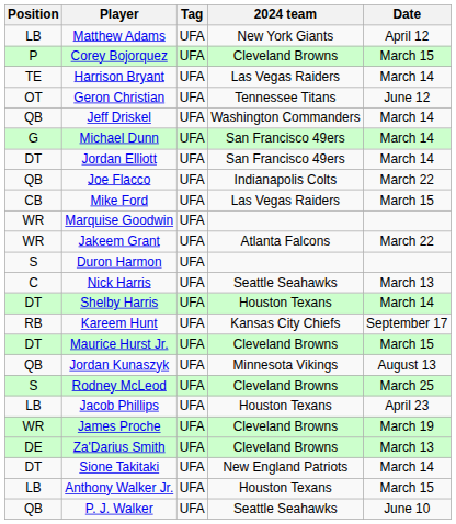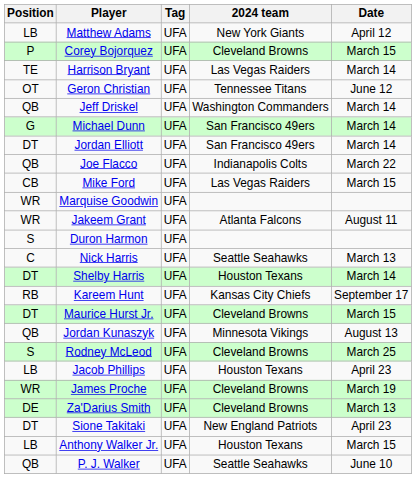 <table class="wikitable" style="text-align:center">
 <tr align=center>
 <th>Position</th>
 <th>Player</th>
 <th>Tag</th>
 <th>2024 team</th>
 <th>Date</th>
 </tr>
 <tr>
 <td>LB</td>
 <td><a href='#'>Matthew Adams</a></td>
 <td>UFA</td>
 <td>New York Giants</td>
 <td>April 12</td>
 </tr>
 <tr style="background:#cfc;">
 <td>P</td>
 <td><a href='#'>Corey Bojorquez</a></td>
 <td>UFA</td>
 <td>Cleveland Browns</td>
 <td>March 15</td>
 </tr>
 <tr>
 <td>TE</td>
 <td><a href='#'>Harrison Bryant</a></td>
 <td>UFA</td>
 <td>Las Vegas Raiders</td>
 <td>March 14</td>
 </tr>
 <tr>
 <td>OT</td>
 <td><a href='#'>Geron Christian</a></td>
 <td>UFA</td>
 <td>Tennessee Titans</td>
 <td>June 12</td>
 </tr>
 <tr>
 <td>QB</td>
 <td><a href='#'>Jeff Driskel</a></td>
 <td>UFA</td>
 <td>Washington Commanders</td>
 <td>March 14</td>
 </tr>
 <tr style="background:#cfc;">
 <td>G</td>
 <td><a href='#'>Michael Dunn</a></td>
 <td>UFA</td>
 <td>San Francisco 49ers</td>
 <td>March 14</td>
 </tr>
 <tr>
 <td>DT</td>
 <td><a href='#'>Jordan Elliott</a></td>
 <td>UFA</td>
 <td>San Francisco 49ers</td>
 <td>March 14</td>
 </tr>
 <tr>
 <td>QB</td>
 <td><a href='#'>Joe Flacco</a></td>
 <td>UFA</td>
 <td>Indianapolis Colts</td>
 <td>March 22</td>
 </tr>
 <tr>
 <td>CB</td>
 <td><a href='#'>Mike Ford</a></td>
 <td>UFA</td>
 <td>Las Vegas Raiders</td>
 <td>March 15</td>
 </tr>
 <tr>
 <td>WR</td>
 <td><a href='#'>Marquise Goodwin</a></td>
 <td>UFA</td>
 <td></td>
 <td></td>
 </tr>
 <tr>
 <td>WR</td>
 <td><a href='#'>Jakeem Grant</a></td>
 <td>UFA</td>
 <td>Atlanta Falcons</td>
-<td>March 22</td>
+<td>August 11</td>
 </tr>
 <tr>
 <td>S</td>
 <td><a href='#'>Duron Harmon</a></td>
 <td>UFA</td>
 <td></td>
 <td></td>
 </tr>
 <tr>
 <td>C</td>
 <td><a href='#'>Nick Harris</a></td>
 <td>UFA</td>
 <td>Seattle Seahawks</td>
 <td>March 13</td>
 </tr>
 <tr style="background:#cfc;">
 <td>DT</td>
 <td><a href='#'>Shelby Harris</a></td>
 <td>UFA</td>
 <td>Houston Texans</td>
 <td>March 14</td>
 </tr>
 <tr>
 <td>RB</td>
 <td><a href='#'>Kareem Hunt</a></td>
 <td>UFA</td>
 <td>Kansas City Chiefs</td>
 <td>September 17</td>
 </tr>
 <tr style="background:#cfc;">
 <td>DT</td>
 <td><a href='#'>Maurice Hurst Jr.</a></td>
 <td>UFA</td>
 <td>Cleveland Browns</td>
 <td>March 15</td>
 </tr>
 <tr>
 <td>QB</td>
 <td><a href='#'>Jordan Kunaszyk</a></td>
 <td>UFA</td>
 <td>Minnesota Vikings</td>
 <td>August 13</td>
 </tr>
 <tr style="background:#cfc;">
 <td>S</td>
 <td><a href='#'>Rodney McLeod</a></td>
 <td>UFA</td>
 <td>Cleveland Browns</td>
 <td>March 25</td>
 </tr>
 <tr>
 <td>LB</td>
 <td><a href='#'>Jacob Phillips</a></td>
 <td>UFA</td>
 <td>Houston Texans</td>
 <td>April 23</td>
 </tr>
 <tr style="background:#cfc;">
 <td>WR</td>
 <td><a href='#'>James Proche</a></td>
 <td>UFA</td>
 <td>Cleveland Browns</td>
 <td>March 19</td>
 </tr>
 <tr style="background:#cfc;">
 <td>DE</td>
 <td><a href='#'>Za'Darius Smith</a></td>
 <td>UFA</td>
 <td>Cleveland Browns</td>
 <td>March 13</td>
 </tr>
 <tr>
 <td>DT</td>
 <td><a href='#'>Sione Takitaki</a></td>
 <td>UFA</td>
 <td>New England Patriots</td>
-<td>March 14</td>
+<td>April 23</td>
 </tr>
 <tr>
 <td>LB</td>
 <td><a href='#'>Anthony Walker Jr.</a></td>
 <td>UFA</td>
 <td>Houston Texans</td>
 <td>March 15</td>
 </tr>
 <tr>
 <td>QB</td>
 <td><a href='#'>P. J. Walker</a></td>
 <td>UFA</td>
 <td>Seattle Seahawks</td>
 <td>June 10</td>
 </tr>
 </table>
